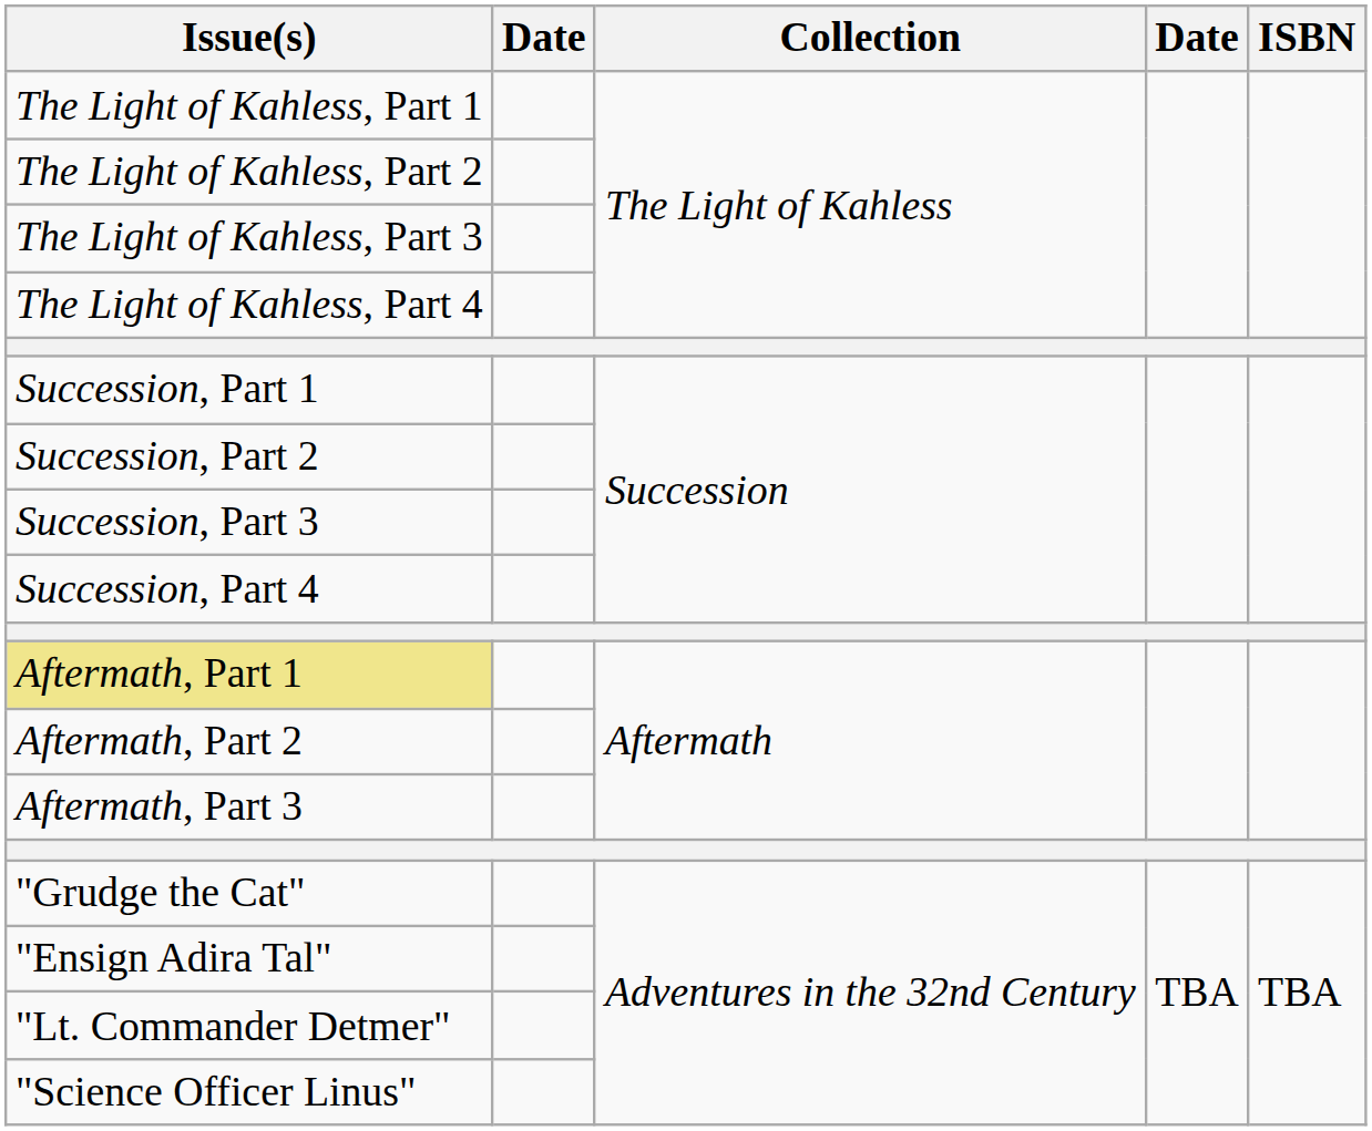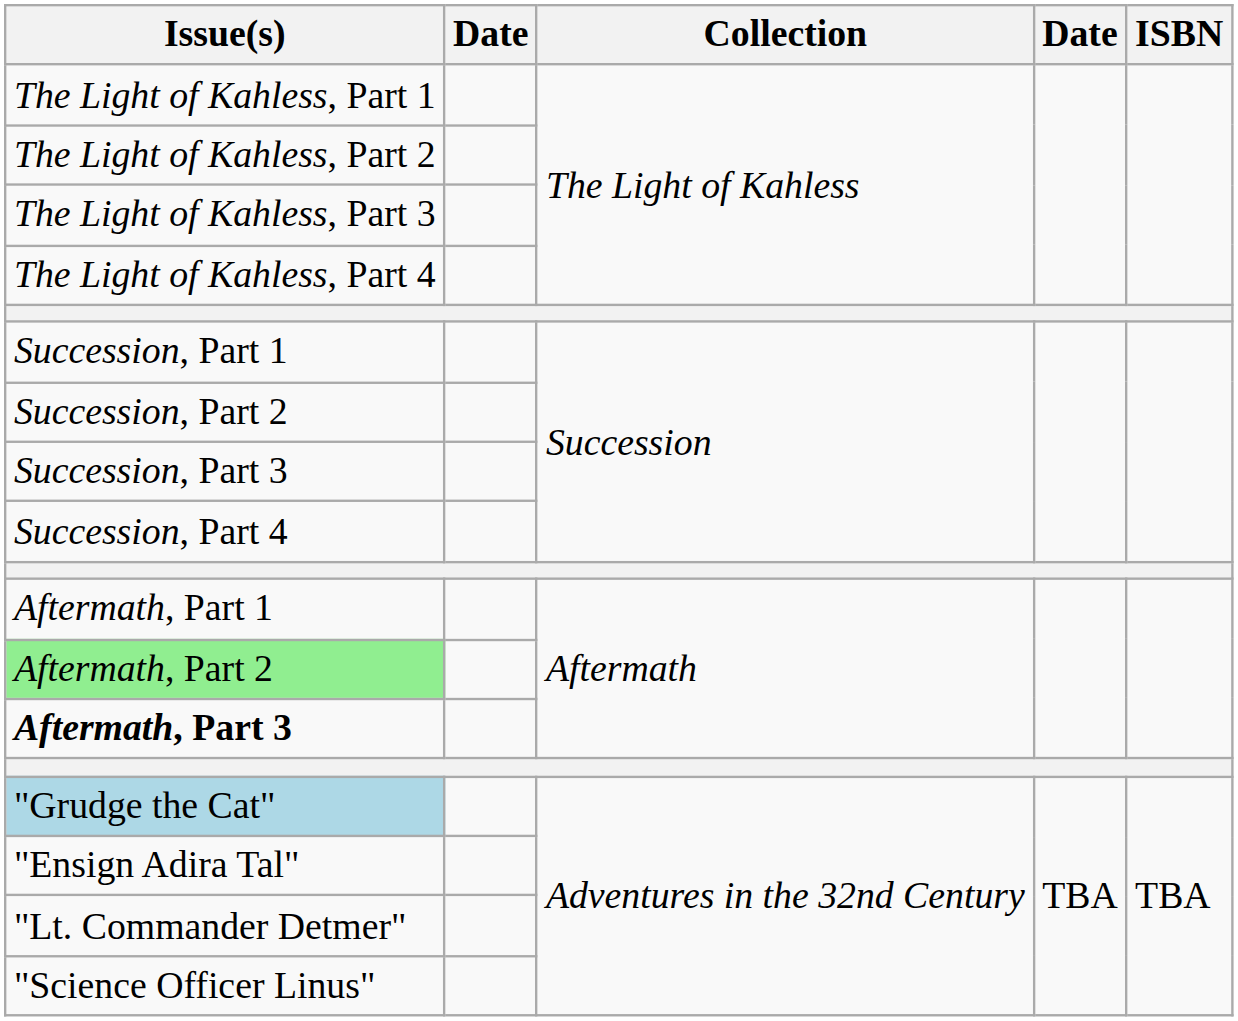 <table class="wikitable">
 <tr>
 <th>Issue(s)</th>
 <th>Date</th>
 <th>Collection</th>
 <th>Date</th>
 <th>ISBN</th>
 </tr>
 <tr>
 <td><em>The Light of Kahless</em>, Part 1</td>
 <td></td>
 <td rowspan="4"><em>The Light of Kahless</em></td>
 <td rowspan="4"></td>
 <td rowspan="4"></td>
 </tr>
 <tr>
 <td><em>The Light of Kahless</em>, Part 2</td>
 <td></td>
 </tr>
 <tr>
 <td><em>The Light of Kahless</em>, Part 3</td>
 <td></td>
 </tr>
 <tr>
 <td><em>The Light of Kahless</em>, Part 4</td>
 <td></td>
 </tr>
 <tr>
 <th colspan="5"></th>
 </tr>
 <tr>
 <td><em>Succession</em>, Part 1</td>
 <td></td>
 <td rowspan="4"><em>Succession</em></td>
 <td rowspan="4"></td>
 <td rowspan="4"></td>
 </tr>
 <tr>
 <td><em>Succession</em>, Part 2</td>
 <td></td>
 </tr>
 <tr>
 <td><em>Succession</em>, Part 3</td>
 <td></td>
 </tr>
 <tr>
 <td><em>Succession</em>, Part 4</td>
 <td></td>
 </tr>
 <tr>
 <th colspan="5"></th>
 </tr>
 <tr>
-<td style="background: khaki;"><em>Aftermath</em>, Part 1</td>
+<td><em>Aftermath</em>, Part 1</td>
 <td></td>
 <td rowspan="3"><em>Aftermath</em></td>
 <td rowspan="3"></td>
 <td rowspan="3"></td>
 </tr>
 <tr>
-<td><em>Aftermath</em>, Part 2</td>
+<td style="background: lightgreen;"><em>Aftermath</em>, Part 2</td>
 <td></td>
 </tr>
 <tr>
-<td><em>Aftermath</em>, Part 3</td>
+<td><strong><em>Aftermath</em>, Part 3</strong></td>
 <td></td>
 </tr>
 <tr>
 <th colspan="5"></th>
 </tr>
 <tr>
-<td>"Grudge the Cat"</td>
+<td style="background: lightblue;">"Grudge the Cat"</td>
 <td></td>
 <td rowspan="4"><em>Adventures in the 32nd Century</em></td>
 <td rowspan="4">TBA</td>
 <td rowspan="4">TBA</td>
 </tr>
 <tr>
 <td>"Ensign Adira Tal"</td>
 <td></td>
 </tr>
 <tr>
 <td>"Lt. Commander Detmer"</td>
 <td></td>
 </tr>
 <tr>
 <td>"Science Officer Linus"</td>
 <td></td>
 </tr>
 </table>
